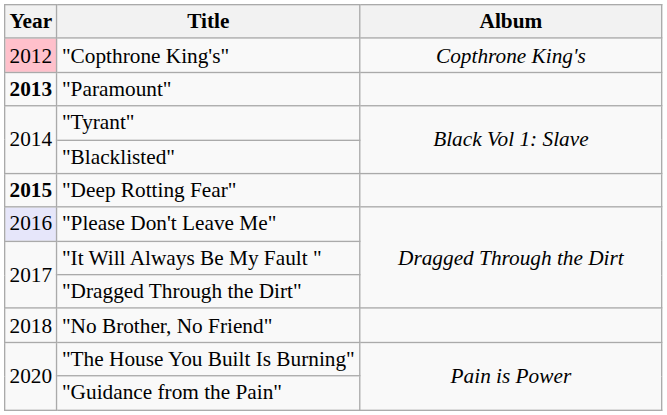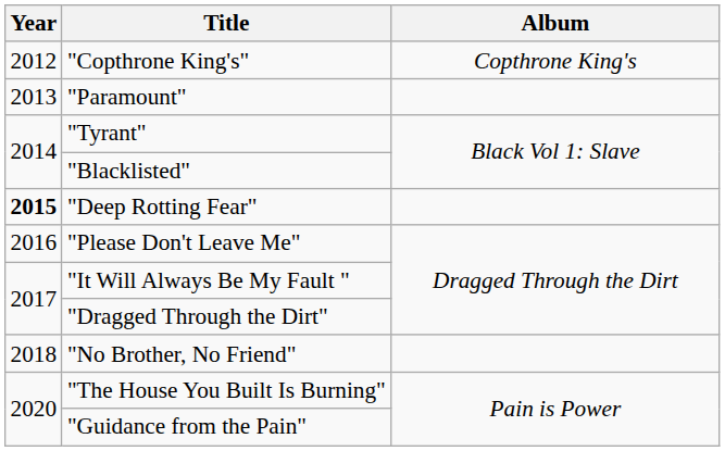 <table class="wikitable" style="text-align:center;">
 <tr>
 <th scope="col">Year</th>
 <th scope="col">Title</th>
 <th scope="col" width="220">Album</th>
 </tr>
 <tr>
-<td style="background: pink;">2012</td>
+<td>2012</td>
 <td align="left">"Copthrone King's"</td>
 <td><em>Copthrone King's</em></td>
 </tr>
 <tr>
-<td><strong>2013</strong></td>
+<td>2013</td>
 <td align="left">"Paramount"</td>
 <td></td>
 </tr>
 <tr>
 <td rowspan="2">2014</td>
 <td align="left">"Tyrant"</td>
 <td rowspan="2"><em>Black Vol 1: Slave</em></td>
 </tr>
 <tr>
 <td align="left">"Blacklisted"</td>
 </tr>
 <tr>
 <td><strong>2015</strong></td>
 <td align="left">"Deep Rotting Fear"</td>
 <td></td>
 </tr>
 <tr>
-<td style="background: lavender;">2016</td>
+<td>2016</td>
 <td align="left">"Please Don't Leave Me"</td>
 <td rowspan="3"><em>Dragged Through the Dirt</em></td>
 </tr>
 <tr>
 <td rowspan="2">2017</td>
 <td align="left">"It Will Always Be My Fault "</td>
 </tr>
 <tr>
 <td align="left">"Dragged Through the Dirt"</td>
 </tr>
 <tr>
 <td>2018</td>
 <td align="left">"No Brother, No Friend"</td>
 <td></td>
 </tr>
 <tr>
 <td rowspan="2">2020</td>
 <td align="left">"The House You Built Is Burning"</td>
 <td rowspan="2"><em>Pain is Power</em></td>
 </tr>
 <tr>
 <td align="left">"Guidance from the Pain" </td>
 </tr>
 </table>
